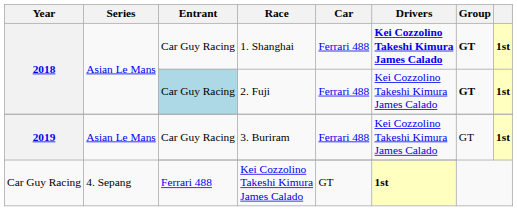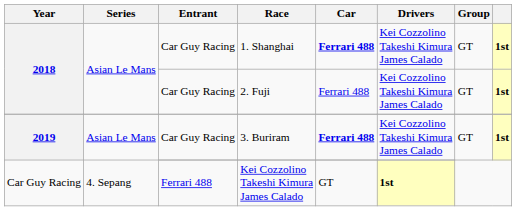 <table class="wikitable" style="font-size:90%">
 <tr>
 <th>Year</th>
 <th>Series</th>
 <th>Entrant</th>
 <th>Race</th>
 <th>Car</th>
 <th>Drivers</th>
 <th>Group</th>
 <th></th>
 </tr>
 <tr align="left">
 <th rowspan="2"><a href='#'>2018</a></th>
 <td rowspan="2" align="left"><a href='#'>Asian Le Mans</a></td>
 <td> Car Guy Racing</td>
 <td>1. Shanghai</td>
-<td align="left"><a href='#'>Ferrari 488</a></td>
-<td align="left"><strong> <a href='#'>Kei Cozzolino</a><br> <a href='#'>Takeshi Kimura</a><br> <a href='#'>James Calado</a></strong></td>
-<td><strong>GT</strong></td>
+<td align="left"><strong><a href='#'>Ferrari 488</a></strong></td>
+<td align="left"> <a href='#'>Kei Cozzolino</a><br> <a href='#'>Takeshi Kimura</a><br> <a href='#'>James Calado</a></td>
+<td>GT</td>
 <td style="background:#FFFFBF;"><strong>1st</strong></td>
 </tr>
 <tr align="left">
-<td style="background: lightblue;"> Car Guy Racing</td>
+<td> Car Guy Racing</td>
 <td>2. Fuji</td>
 <td align="left"><a href='#'>Ferrari 488</a></td>
 <td align="left"> <a href='#'>Kei Cozzolino</a><br> <a href='#'>Takeshi Kimura</a><br> <a href='#'>James Calado</a></td>
-<td><strong>GT</strong></td>
+<td>GT</td>
 <td style="background:#FFFFBF;"><strong>1st</strong></td>
 </tr>
 <tr>
 </tr>
 <tr align="left">
 <th rowspan="2"><a href='#'>2019</a></th>
 <td rowspan="2" align="left"><a href='#'>Asian Le Mans</a></td>
 <td> Car Guy Racing</td>
 <td>3. Buriram</td>
-<td align="left"><a href='#'>Ferrari 488</a></td>
+<td align="left"><strong><a href='#'>Ferrari 488</a></strong></td>
 <td align="left"> <a href='#'>Kei Cozzolino</a><br> <a href='#'>Takeshi Kimura</a><br> <a href='#'>James Calado</a></td>
 <td>GT</td>
 <td style="background:#FFFFBF;"><strong>1st</strong></td>
 </tr>
 <tr>
 </tr>
 <tr align="left">
 <td> Car Guy Racing</td>
 <td>4. Sepang</td>
 <td align="left"><a href='#'>Ferrari 488</a></td>
 <td align="left"> <a href='#'>Kei Cozzolino</a><br> <a href='#'>Takeshi Kimura</a><br> <a href='#'>James Calado</a></td>
 <td>GT</td>
 <td style="background:#FFFFBF;"><strong>1st</strong></td>
 </tr>
 </table>
